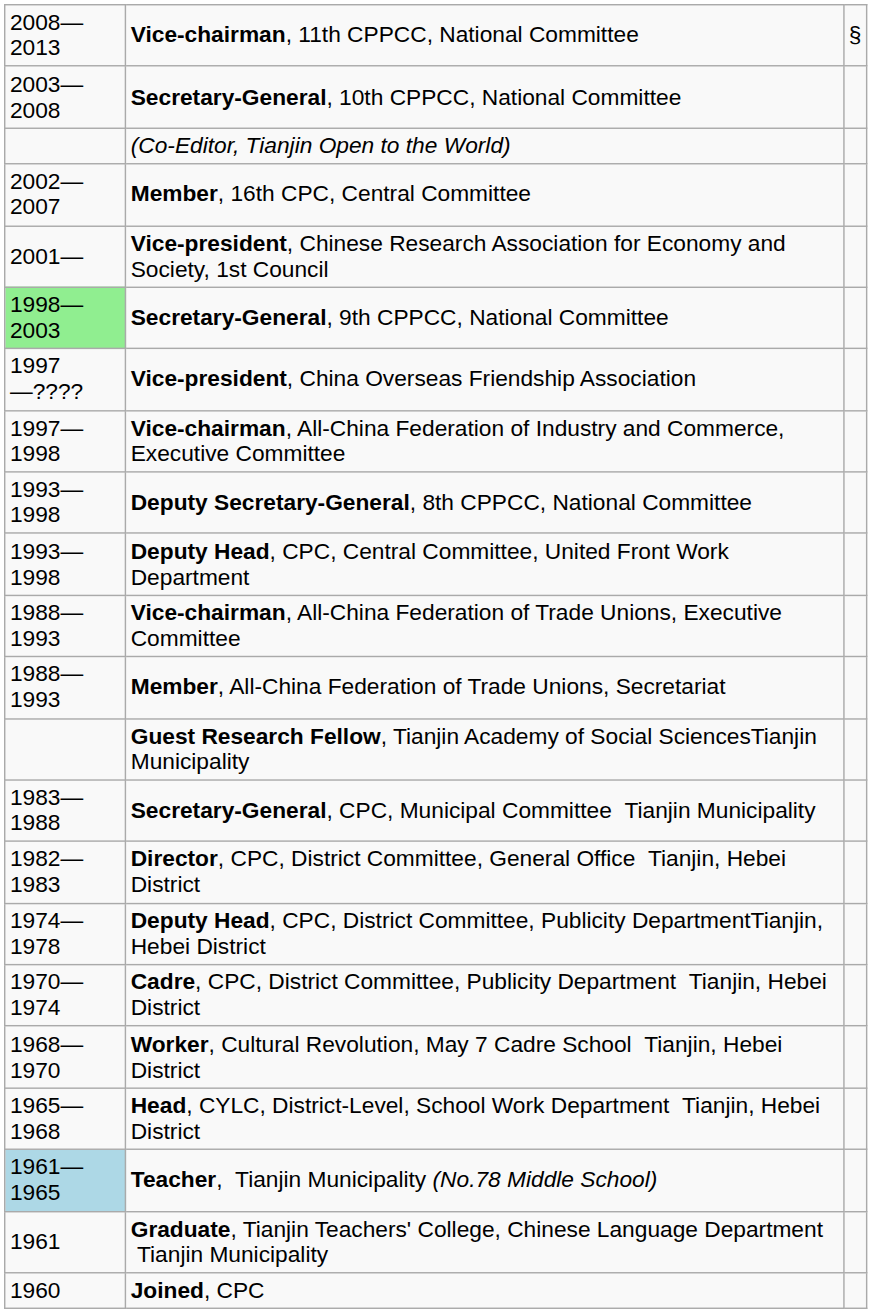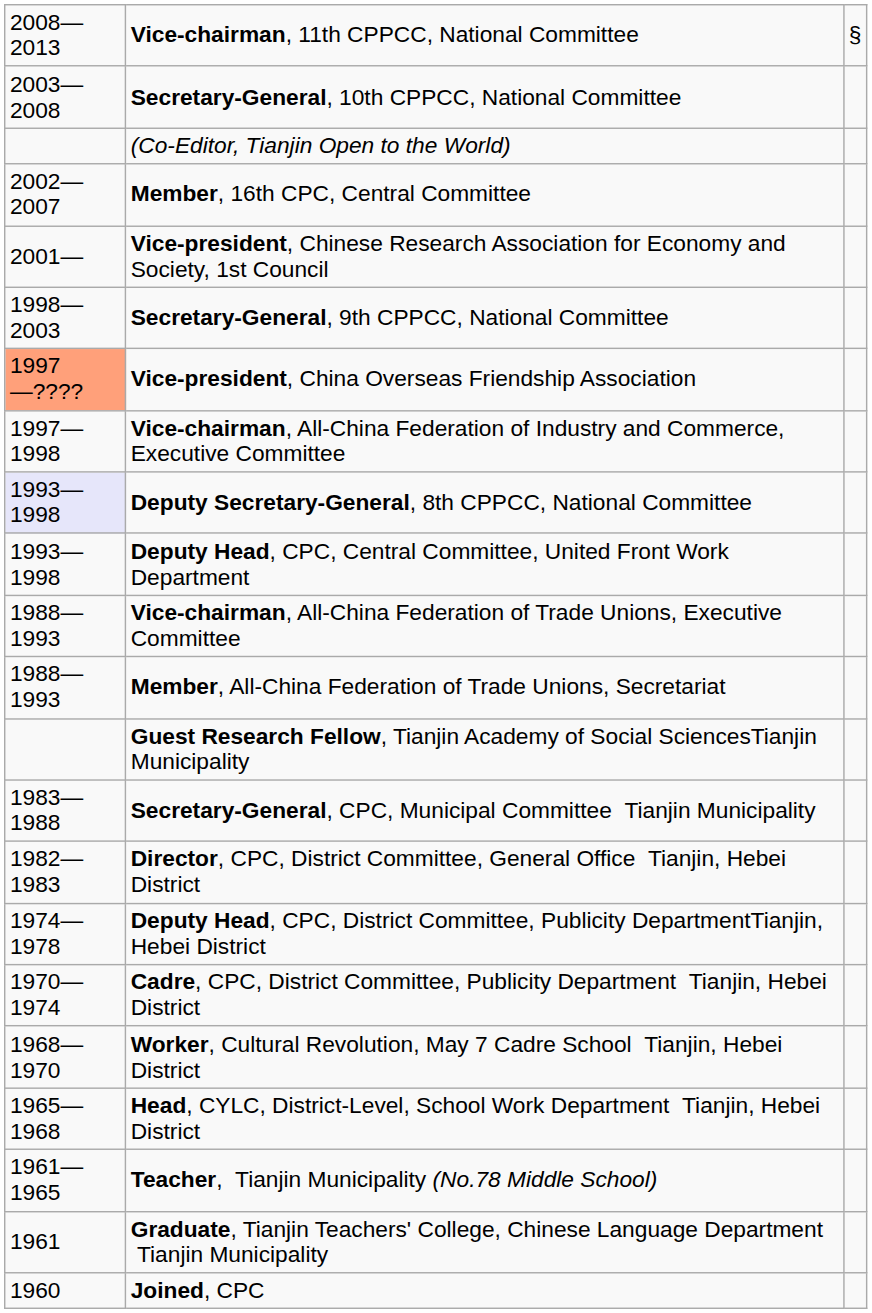 <table class="wikitable">
 <tr>
 <td>2008—2013</td>
 <td><strong>Vice-chairman</strong>, 11th CPPCC, National Committee</td>
 <td>§</td>
 </tr>
 <tr>
 <td>2003—2008</td>
 <td><strong>Secretary-General</strong>, 10th CPPCC, National Committee</td>
 <td></td>
 </tr>
 <tr>
 <td></td>
 <td><em>(Co-Editor, Tianjin Open to the World)</em></td>
 <td></td>
 </tr>
 <tr>
 <td>2002—2007</td>
 <td><strong>Member</strong>, 16th CPC, Central Committee</td>
 <td></td>
 </tr>
 <tr>
 <td>2001—</td>
 <td><strong>Vice-president</strong>, Chinese Research Association for Economy and Society, 1st Council</td>
 <td></td>
 </tr>
 <tr>
-<td style="background: lightgreen;">1998—2003</td>
+<td>1998—2003</td>
 <td><strong>Secretary-General</strong>, 9th CPPCC, National Committee</td>
 <td></td>
 </tr>
 <tr>
-<td>1997—????</td>
+<td style="background: lightsalmon;">1997—????</td>
 <td><strong>Vice-president</strong>, China Overseas Friendship Association</td>
 <td></td>
 </tr>
 <tr>
 <td>1997—1998</td>
 <td><strong>Vice-chairman</strong>, All-China Federation of Industry and Commerce, Executive Committee</td>
 <td></td>
 </tr>
 <tr>
-<td>1993—1998</td>
+<td style="background: lavender;">1993—1998</td>
 <td><strong>Deputy Secretary-General</strong>, 8th CPPCC, National Committee</td>
 <td></td>
 </tr>
 <tr>
 <td>1993—1998</td>
 <td><strong>Deputy Head</strong>, CPC, Central Committee, United Front Work Department</td>
 <td></td>
 </tr>
 <tr>
 <td>1988—1993</td>
 <td><strong>Vice-chairman</strong>, All-China Federation of Trade Unions, Executive Committee</td>
 <td></td>
 </tr>
 <tr>
 <td>1988—1993</td>
 <td><strong>Member</strong>, All-China Federation of Trade Unions, Secretariat</td>
 <td></td>
 </tr>
 <tr>
 <td></td>
 <td><strong>Guest Research Fellow</strong>, Tianjin Academy of Social SciencesTianjin Municipality</td>
 <td></td>
 </tr>
 <tr>
 <td>1983—1988</td>
 <td><strong>Secretary-General</strong>, CPC, Municipal Committee  Tianjin Municipality</td>
 <td></td>
 </tr>
 <tr>
 <td>1982—1983</td>
 <td><strong>Director</strong>, CPC, District Committee, General Office  Tianjin, Hebei District</td>
 <td></td>
 </tr>
 <tr>
 <td>1974—1978</td>
 <td><strong>Deputy Head</strong>, CPC, District Committee, Publicity DepartmentTianjin, Hebei District</td>
 <td></td>
 </tr>
 <tr>
 <td>1970—1974</td>
 <td><strong>Cadre</strong>, CPC, District Committee, Publicity Department  Tianjin, Hebei District</td>
 <td></td>
 </tr>
 <tr>
 <td>1968—1970</td>
 <td><strong>Worker</strong>, Cultural Revolution, May 7 Cadre School  Tianjin, Hebei District</td>
 <td></td>
 </tr>
 <tr>
 <td>1965—1968</td>
 <td><strong>Head</strong>, CYLC, District-Level, School Work Department  Tianjin, Hebei District</td>
 <td></td>
 </tr>
 <tr>
-<td style="background: lightblue;">1961—1965</td>
+<td>1961—1965</td>
 <td><strong>Teacher</strong>,  Tianjin Municipality <em>(No.78 Middle School)</em></td>
 <td></td>
 </tr>
 <tr>
 <td>1961</td>
 <td><strong>Graduate</strong>, Tianjin Teachers' College, Chinese Language Department  Tianjin Municipality</td>
 <td></td>
 </tr>
 <tr>
 <td>1960</td>
 <td><strong>Joined</strong>, CPC</td>
 </tr>
 </table>
